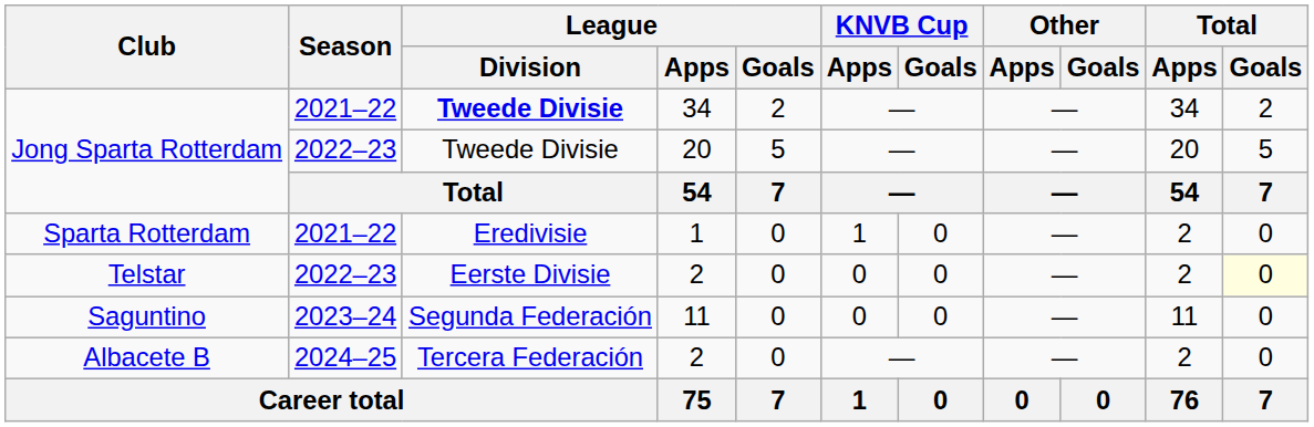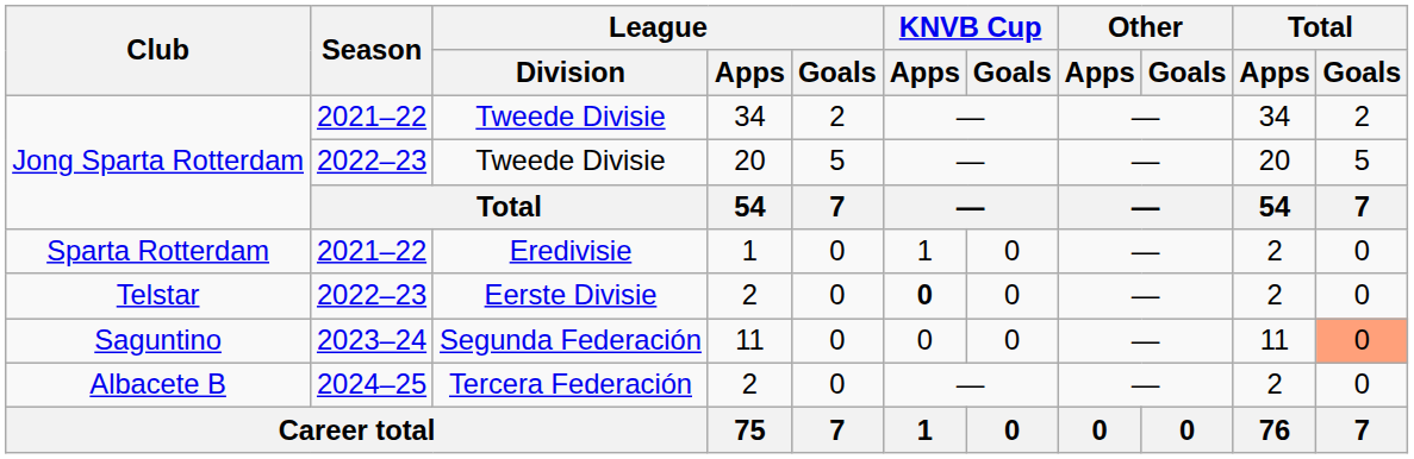 <table class="wikitable" style="text-align:center">
 <tr>
 <th rowspan="2">Club</th>
 <th rowspan="2">Season</th>
 <th colspan="3">League</th>
 <th colspan="2"><a href='#'>KNVB Cup</a></th>
 <th colspan="2">Other</th>
 <th colspan="2">Total</th>
 </tr>
 <tr>
 <th>Division</th>
 <th>Apps</th>
 <th>Goals</th>
 <th>Apps</th>
 <th>Goals</th>
 <th>Apps</th>
 <th>Goals</th>
 <th>Apps</th>
 <th>Goals</th>
 </tr>
 <tr>
 <td rowspan="3"><a href='#'>Jong Sparta Rotterdam</a></td>
 <td><a href='#'>2021–22</a></td>
-<td><strong><a href='#'>Tweede Divisie</a></strong></td>
+<td><a href='#'>Tweede Divisie</a></td>
 <td>34</td>
 <td>2</td>
 <td colspan="2">—</td>
 <td colspan="2">—</td>
 <td>34</td>
 <td>2</td>
 </tr>
 <tr>
 <td><a href='#'>2022–23</a></td>
 <td>Tweede Divisie</td>
 <td>20</td>
 <td>5</td>
 <td colspan="2">—</td>
 <td colspan="2">—</td>
 <td>20</td>
 <td>5</td>
 </tr>
 <tr>
 <th colspan="2">Total</th>
 <th>54</th>
 <th>7</th>
 <th colspan="2">—</th>
 <th colspan="2">—</th>
 <th>54</th>
 <th>7</th>
 </tr>
 <tr>
 <td><a href='#'>Sparta Rotterdam</a></td>
 <td><a href='#'>2021–22</a></td>
 <td><a href='#'>Eredivisie</a></td>
 <td>1</td>
 <td>0</td>
 <td>1</td>
 <td>0</td>
 <td colspan="2">—</td>
 <td>2</td>
 <td>0</td>
 </tr>
 <tr>
 <td><a href='#'>Telstar</a></td>
 <td><a href='#'>2022–23</a></td>
 <td><a href='#'>Eerste Divisie</a></td>
 <td>2</td>
 <td>0</td>
-<td>0</td>
+<td><strong>0</strong></td>
 <td>0</td>
 <td colspan="2">—</td>
 <td>2</td>
-<td style="background: lightyellow;">0</td>
+<td>0</td>
 </tr>
 <tr>
 <td><a href='#'>Saguntino</a></td>
 <td><a href='#'>2023–24</a></td>
 <td><a href='#'>Segunda Federación</a></td>
 <td>11</td>
 <td>0</td>
 <td>0</td>
 <td>0</td>
 <td colspan="2">—</td>
 <td>11</td>
-<td>0</td>
+<td style="background: lightsalmon;">0</td>
 </tr>
 <tr>
 <td><a href='#'>Albacete B</a></td>
 <td><a href='#'>2024–25</a></td>
 <td><a href='#'>Tercera Federación</a></td>
 <td>2</td>
 <td>0</td>
 <td colspan="2">—</td>
 <td colspan="2">—</td>
 <td>2</td>
 <td>0</td>
 </tr>
 <tr>
 <th colspan="3">Career total</th>
 <th>75</th>
 <th>7</th>
 <th>1</th>
 <th>0</th>
 <th>0</th>
 <th>0</th>
 <th>76</th>
 <th>7</th>
 </tr>
 </table>
